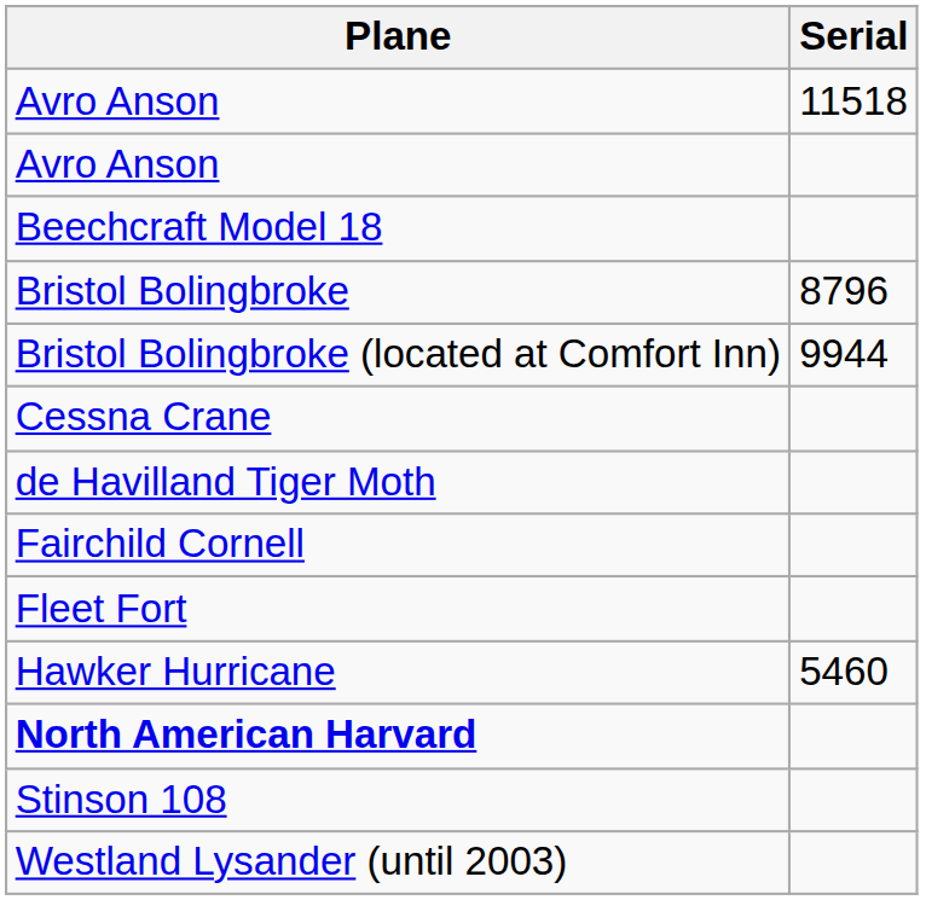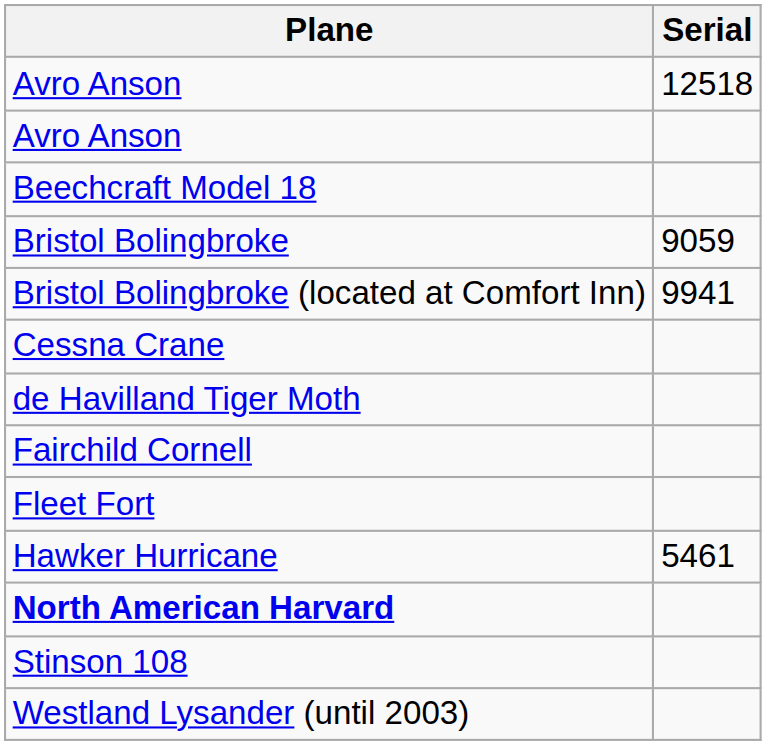 <table class="wikitable">
 <tr>
 <th>Plane</th>
 <th>Serial</th>
 </tr>
 <tr>
 <td><a href='#'>Avro Anson</a></td>
-<td>11518</td>
+<td>12518</td>
 </tr>
 <tr>
 <td><a href='#'>Avro Anson</a></td>
 <td></td>
 </tr>
 <tr>
 <td><a href='#'>Beechcraft Model 18</a></td>
 <td></td>
 </tr>
 <tr>
 <td><a href='#'>Bristol Bolingbroke</a></td>
-<td>8796</td>
+<td>9059</td>
 </tr>
 <tr>
 <td><a href='#'>Bristol Bolingbroke</a> (located at Comfort Inn)</td>
-<td>9944</td>
+<td>9941</td>
 </tr>
 <tr>
 <td><a href='#'>Cessna Crane</a></td>
 <td></td>
 </tr>
 <tr>
 <td><a href='#'>de Havilland Tiger Moth</a></td>
 <td></td>
 </tr>
 <tr>
 <td><a href='#'>Fairchild Cornell</a></td>
 <td></td>
 </tr>
 <tr>
 <td><a href='#'>Fleet Fort</a></td>
 <td></td>
 </tr>
 <tr>
 <td><a href='#'>Hawker Hurricane</a></td>
-<td>5460</td>
+<td>5461</td>
 </tr>
 <tr>
 <td><strong><a href='#'>North American Harvard</a></strong></td>
 <td></td>
 </tr>
 <tr>
 <td><a href='#'>Stinson 108</a></td>
 <td></td>
 </tr>
 <tr>
 <td><a href='#'>Westland Lysander</a> (until 2003)</td>
 <td></td>
 </tr>
 </table>
